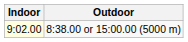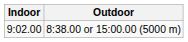 <table class="wikitable" border="1" align="upright">
 <tr>
 <th>Indoor</th>
 <th>Outdoor</th>
 </tr>
 <tr>
-<td style="background: lightyellow;">9:02.00</td>
+<td>9:02.00</td>
 <td>8:38.00 or 15:00.00 (5000 m)</td>
 </tr>
 </table>
